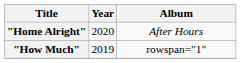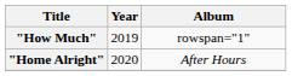 <table class="wikitable plainrowheaders" style="text-align: center">
 <tr>
 <th scope="col">Title</th>
 <th scope="col">Year</th>
 <th scope="col" style="width:160px;">Album</th>
 </tr>
 <tr>
+<th scope="row">"How Much"<br></th>
+<td rowspan="1">2019</td>
+<td>rowspan="1" </td>
+</tr>
+<tr>
 <th scope="row">"Home Alright"<br></th>
 <td rowspan="1">2020</td>
 <td><em>After Hours</em></td>
 </tr>
 <tr>
-<th scope="row">"How Much"<br></th>
-<td rowspan="1">2019</td>
-<td>rowspan="1" </td>
-</tr>
-<tr>
 </tr>
 </table>
